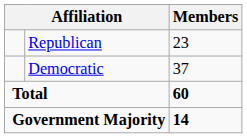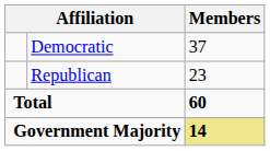 <table class="wikitable">
 <tr>
 <th colspan="2">Affiliation</th>
 <th>Members</th>
 </tr>
 <tr>
 <td style="background-color:"> </td>
-<td><a href='#'>Republican</a></td>
-<td>23</td>
+<td><a href='#'>Democratic</a></td>
+<td>37</td>
 </tr>
 <tr>
 <td style="background-color:"> </td>
-<td><a href='#'>Democratic</a></td>
-<td>37</td>
+<td><a href='#'>Republican</a></td>
+<td>23</td>
 </tr>
 <tr>
 <td colspan="2" rowspan="1"> <strong>Total</strong></td>
 <td><strong>60</strong></td>
 </tr>
 <tr>
 <td colspan="2" rowspan="1"> <strong>Government Majority</strong></td>
-<td><strong>14</strong></td>
+<td style="background: khaki;"><strong>14</strong></td>
 </tr>
 </table>
